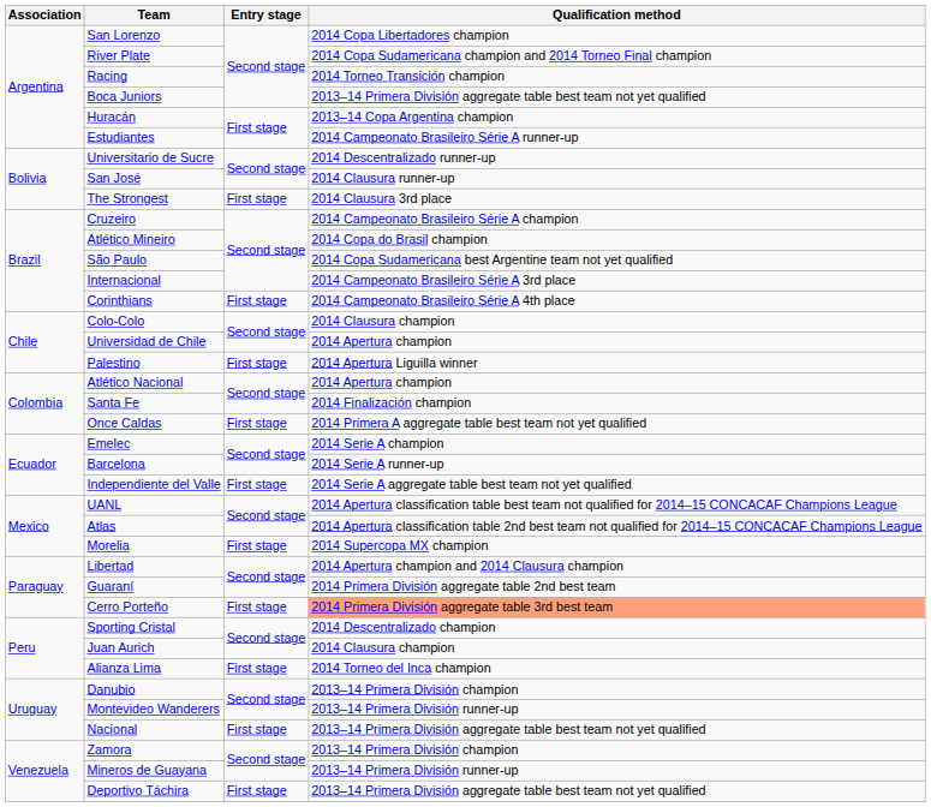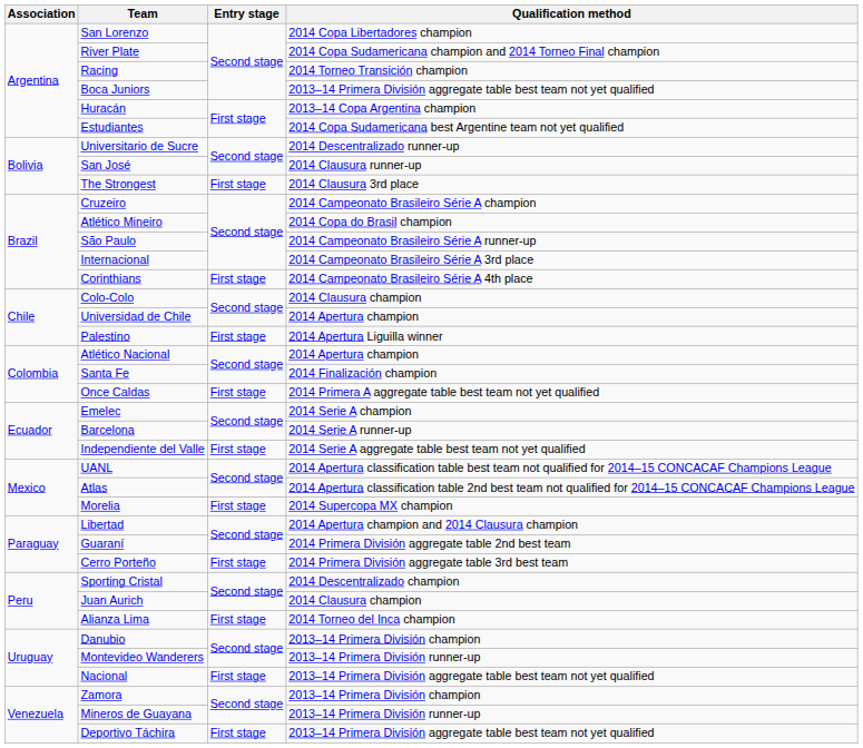 <table class="wikitable">
 <tr>
 <th>Association</th>
 <th>Team </th>
 <th>Entry stage</th>
 <th>Qualification method</th>
 </tr>
 <tr>
 <td rowspan=6> <a href='#'>Argentina</a><br></td>
 <td><a href='#'>San Lorenzo</a> </td>
 <td rowspan=4><a href='#'>Second stage</a></td>
 <td><a href='#'>2014 Copa Libertadores</a> champion</td>
 </tr>
 <tr>
 <td><a href='#'>River Plate</a> </td>
 <td><a href='#'>2014 Copa Sudamericana</a> champion and <a href='#'>2014 Torneo Final</a> champion</td>
 </tr>
 <tr>
 <td><a href='#'>Racing</a> </td>
 <td><a href='#'>2014 Torneo Transición</a> champion</td>
 </tr>
 <tr>
 <td><a href='#'>Boca Juniors</a> </td>
 <td><a href='#'>2013–14 Primera División</a> aggregate table best team not yet qualified</td>
 </tr>
 <tr>
 <td><a href='#'>Huracán</a> </td>
 <td rowspan=2><a href='#'>First stage</a></td>
 <td><a href='#'>2013–14 Copa Argentina</a> champion</td>
 </tr>
 <tr>
 <td><a href='#'>Estudiantes</a> </td>
-<td><a href='#'>2014 Campeonato Brasileiro Série A</a> runner-up</td>
+<td><a href='#'>2014 Copa Sudamericana</a> best Argentine team not yet qualified</td>
 </tr>
 <tr>
 <td rowspan=3> <a href='#'>Bolivia</a><br></td>
 <td><a href='#'>Universitario de Sucre</a> </td>
 <td rowspan=2><a href='#'>Second stage</a></td>
 <td><a href='#'>2014 Descentralizado</a> runner-up</td>
 </tr>
 <tr>
 <td><a href='#'>San José</a> </td>
 <td><a href='#'>2014 Clausura</a> runner-up</td>
 </tr>
 <tr>
 <td><a href='#'>The Strongest</a> </td>
 <td><a href='#'>First stage</a></td>
 <td><a href='#'>2014 Clausura</a> 3rd place</td>
 </tr>
 <tr>
 <td rowspan=5> <a href='#'>Brazil</a><br></td>
 <td><a href='#'>Cruzeiro</a> </td>
 <td rowspan=4><a href='#'>Second stage</a></td>
 <td><a href='#'>2014 Campeonato Brasileiro Série A</a> champion</td>
 </tr>
 <tr>
 <td><a href='#'>Atlético Mineiro</a> </td>
 <td><a href='#'>2014 Copa do Brasil</a> champion</td>
 </tr>
 <tr>
 <td><a href='#'>São Paulo</a> </td>
-<td><a href='#'>2014 Copa Sudamericana</a> best Argentine team not yet qualified</td>
+<td><a href='#'>2014 Campeonato Brasileiro Série A</a> runner-up</td>
 </tr>
 <tr>
 <td><a href='#'>Internacional</a> </td>
 <td><a href='#'>2014 Campeonato Brasileiro Série A</a> 3rd place</td>
 </tr>
 <tr>
 <td><a href='#'>Corinthians</a> </td>
 <td><a href='#'>First stage</a></td>
 <td><a href='#'>2014 Campeonato Brasileiro Série A</a> 4th place</td>
 </tr>
 <tr>
 <td rowspan=3> <a href='#'>Chile</a><br></td>
 <td><a href='#'>Colo-Colo</a> </td>
 <td rowspan=2><a href='#'>Second stage</a></td>
 <td><a href='#'>2014 Clausura</a> champion</td>
 </tr>
 <tr>
 <td><a href='#'>Universidad de Chile</a> </td>
 <td><a href='#'>2014 Apertura</a> champion</td>
 </tr>
 <tr>
 <td><a href='#'>Palestino</a> </td>
 <td><a href='#'>First stage</a></td>
 <td><a href='#'>2014 Apertura</a> Liguilla winner</td>
 </tr>
 <tr>
 <td rowspan=3> <a href='#'>Colombia</a><br></td>
 <td><a href='#'>Atlético Nacional</a> </td>
 <td rowspan=2><a href='#'>Second stage</a></td>
 <td><a href='#'>2014 Apertura</a> champion</td>
 </tr>
 <tr>
 <td><a href='#'>Santa Fe</a> </td>
 <td><a href='#'>2014 Finalización</a> champion</td>
 </tr>
 <tr>
 <td><a href='#'>Once Caldas</a> </td>
 <td><a href='#'>First stage</a></td>
 <td><a href='#'>2014 Primera A</a> aggregate table best team not yet qualified</td>
 </tr>
 <tr>
 <td rowspan=3> <a href='#'>Ecuador</a><br></td>
 <td><a href='#'>Emelec</a> </td>
 <td rowspan=2><a href='#'>Second stage</a></td>
 <td><a href='#'>2014 Serie A</a> champion</td>
 </tr>
 <tr>
 <td><a href='#'>Barcelona</a> </td>
 <td><a href='#'>2014 Serie A</a> runner-up</td>
 </tr>
 <tr>
 <td><a href='#'>Independiente del Valle</a> </td>
 <td><a href='#'>First stage</a></td>
 <td><a href='#'>2014 Serie A</a> aggregate table best team not yet qualified</td>
 </tr>
 <tr>
 <td rowspan=3> <a href='#'>Mexico</a><br></td>
 <td><a href='#'>UANL</a> </td>
 <td rowspan=2><a href='#'>Second stage</a></td>
 <td><a href='#'>2014 Apertura</a> classification table best team not qualified for <a href='#'>2014–15 CONCACAF Champions League</a></td>
 </tr>
 <tr>
 <td><a href='#'>Atlas</a> </td>
 <td><a href='#'>2014 Apertura</a> classification table 2nd best team not qualified for <a href='#'>2014–15 CONCACAF Champions League</a></td>
 </tr>
 <tr>
 <td><a href='#'>Morelia</a> </td>
 <td><a href='#'>First stage</a></td>
 <td><a href='#'>2014 Supercopa MX</a> champion</td>
 </tr>
 <tr>
 <td rowspan=3> <a href='#'>Paraguay</a><br></td>
 <td><a href='#'>Libertad</a> </td>
 <td rowspan=2><a href='#'>Second stage</a></td>
 <td><a href='#'>2014 Apertura</a> champion and <a href='#'>2014 Clausura</a> champion</td>
 </tr>
 <tr>
 <td><a href='#'>Guaraní</a> </td>
 <td><a href='#'>2014 Primera División</a> aggregate table 2nd best team</td>
 </tr>
 <tr>
 <td><a href='#'>Cerro Porteño</a> </td>
 <td><a href='#'>First stage</a></td>
-<td style="background: lightsalmon;"><a href='#'>2014 Primera División</a> aggregate table 3rd best team</td>
+<td><a href='#'>2014 Primera División</a> aggregate table 3rd best team</td>
 </tr>
 <tr>
 <td rowspan=3> <a href='#'>Peru</a><br></td>
 <td><a href='#'>Sporting Cristal</a> </td>
 <td rowspan=2><a href='#'>Second stage</a></td>
 <td><a href='#'>2014 Descentralizado</a> champion</td>
 </tr>
 <tr>
 <td><a href='#'>Juan Aurich</a> </td>
 <td><a href='#'>2014 Clausura</a> champion</td>
 </tr>
 <tr>
 <td><a href='#'>Alianza Lima</a> </td>
 <td><a href='#'>First stage</a></td>
 <td><a href='#'>2014 Torneo del Inca</a> champion</td>
 </tr>
 <tr>
 <td rowspan=3> <a href='#'>Uruguay</a><br></td>
 <td><a href='#'>Danubio</a> </td>
 <td rowspan=2><a href='#'>Second stage</a></td>
 <td><a href='#'>2013–14 Primera División</a> champion</td>
 </tr>
 <tr>
 <td><a href='#'>Montevideo Wanderers</a> </td>
 <td><a href='#'>2013–14 Primera División</a> runner-up</td>
 </tr>
 <tr>
 <td><a href='#'>Nacional</a> </td>
 <td><a href='#'>First stage</a></td>
 <td><a href='#'>2013–14 Primera División</a> aggregate table best team not yet qualified</td>
 </tr>
 <tr>
 <td rowspan=3> <a href='#'>Venezuela</a><br></td>
 <td><a href='#'>Zamora</a> </td>
 <td rowspan=2><a href='#'>Second stage</a></td>
 <td><a href='#'>2013–14 Primera División</a> champion</td>
 </tr>
 <tr>
 <td><a href='#'>Mineros de Guayana</a> </td>
 <td><a href='#'>2013–14 Primera División</a> runner-up</td>
 </tr>
 <tr>
 <td><a href='#'>Deportivo Táchira</a> </td>
 <td><a href='#'>First stage</a></td>
 <td><a href='#'>2013–14 Primera División</a> aggregate table best team not yet qualified</td>
 </tr>
 </table>
